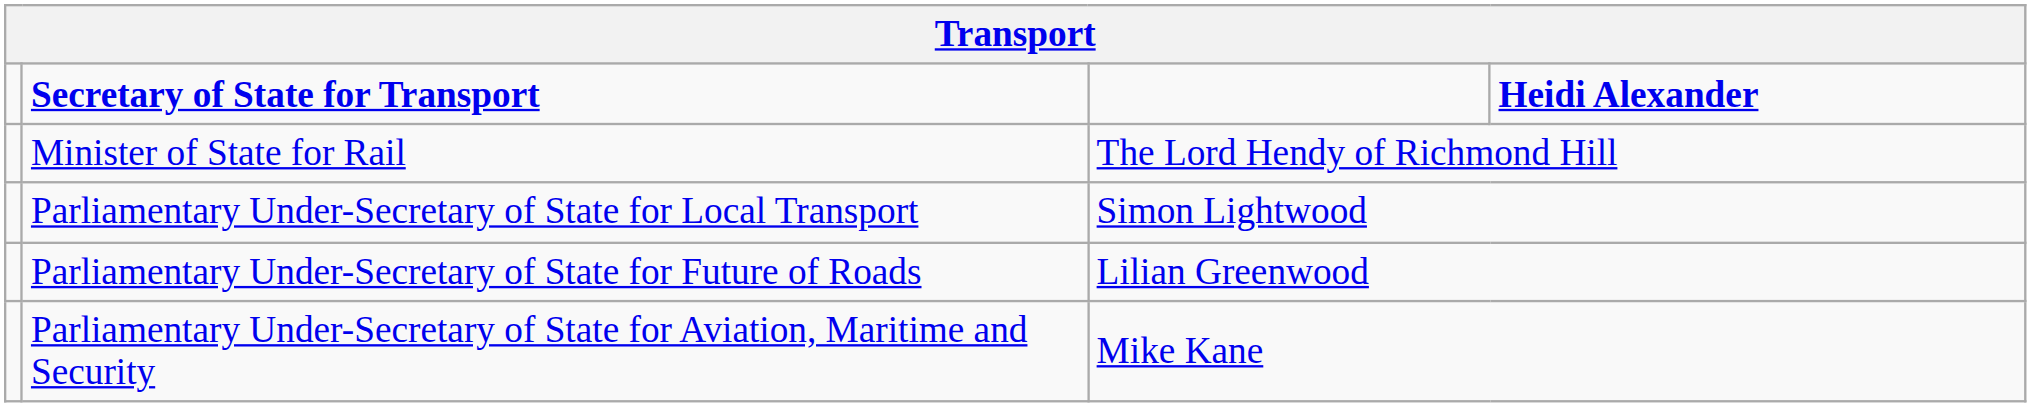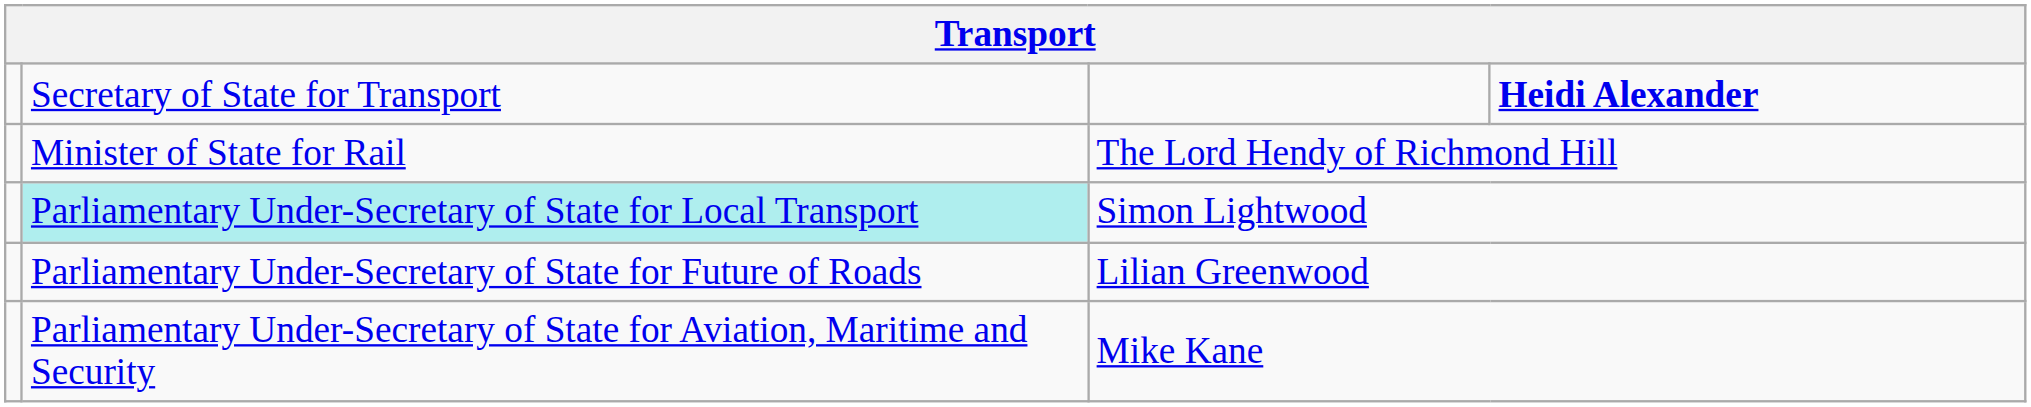 <table class="wikitable">
 <tr>
 <th colspan="4"><a href='#'>Transport</a></th>
 </tr>
 <tr>
 <td style="background: "></td>
-<td style="width: 450px;"><strong><a href='#'>Secretary of State for Transport</a></strong></td>
+<td style="width: 450px;"><a href='#'>Secretary of State for Transport</a></td>
 <td style="background: "></td>
 <td colspan="2" style="width: 320px;"><strong><a href='#'>Heidi Alexander</a></strong></td>
 </tr>
 <tr>
 <td style="background: "></td>
 <td><a href='#'>Minister of State for Rail</a></td>
 <td colspan="2"><a href='#'>The Lord Hendy of Richmond Hill</a> </td>
 </tr>
 <tr>
 <td style="background: "></td>
-<td><a href='#'>Parliamentary Under-Secretary of State for Local Transport</a></td>
+<td style="background: paleturquoise;"><a href='#'>Parliamentary Under-Secretary of State for Local Transport</a></td>
 <td colspan="2"><a href='#'>Simon Lightwood</a></td>
 </tr>
 <tr>
 <td style="background: "></td>
 <td><a href='#'>Parliamentary Under-Secretary of State for Future of Roads</a></td>
 <td colspan="2"><a href='#'>Lilian Greenwood</a></td>
 </tr>
 <tr>
 <td style="background: "></td>
 <td><a href='#'>Parliamentary Under-Secretary of State for Aviation, Maritime and Security</a></td>
 <td colspan="2"><a href='#'>Mike Kane</a></td>
 </tr>
 </table>
